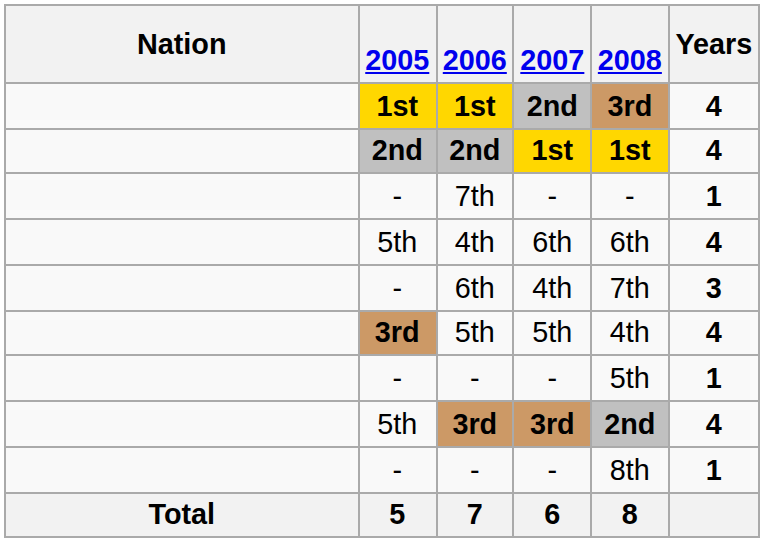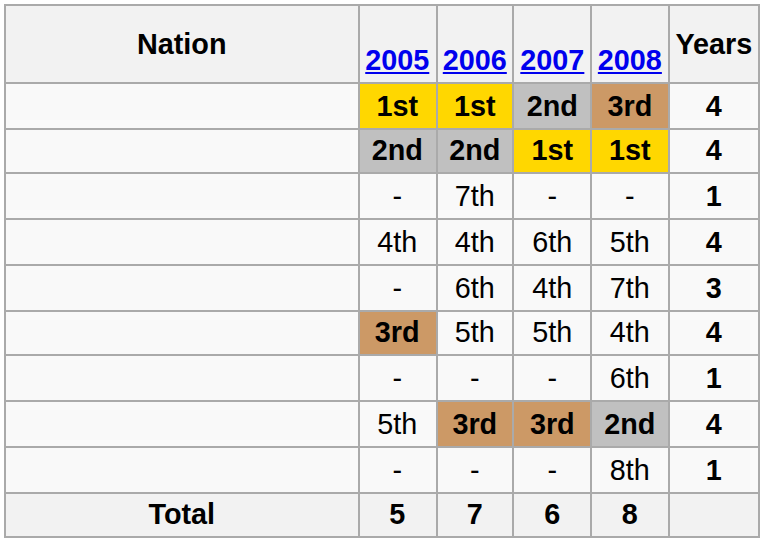 <table class="wikitable" style="text-align:center; font-size:90%">
 <tr>
 <th width=170>Nation</th>
 <th><br><a href='#'>2005</a></th>
 <th><br><a href='#'>2006</a></th>
 <th><br><a href='#'>2007</a></th>
 <th><br><a href='#'>2008</a></th>
 <th>Years</th>
 </tr>
 <tr>
 <td align=left></td>
 <td bgcolor=gold><strong>1st</strong></td>
 <td bgcolor=gold><strong>1st</strong></td>
 <td bgcolor=silver><strong>2nd</strong></td>
 <td bgcolor=#cc9966><strong>3rd</strong></td>
 <td><strong>4</strong></td>
 </tr>
 <tr>
 <td align=left></td>
 <td bgcolor=silver><strong>2nd</strong></td>
 <td bgcolor=silver><strong>2nd</strong></td>
 <td bgcolor=gold><strong>1st</strong></td>
 <td bgcolor=gold><strong>1st</strong></td>
 <td><strong>4</strong></td>
 </tr>
 <tr>
 <td align=left></td>
 <td>-</td>
 <td>7th</td>
 <td>-</td>
 <td>-</td>
 <td><strong>1</strong></td>
 </tr>
 <tr>
 <td align=left></td>
-<td>5th</td>
+<td>4th</td>
 <td>4th</td>
 <td>6th</td>
-<td>6th</td>
+<td>5th</td>
 <td><strong>4</strong></td>
 </tr>
 <tr>
 <td align=left></td>
 <td>-</td>
 <td>6th</td>
 <td>4th</td>
 <td>7th</td>
 <td><strong>3</strong></td>
 </tr>
 <tr>
 <td align=left></td>
 <td bgcolor=#cc9966><strong>3rd</strong></td>
 <td>5th</td>
 <td>5th</td>
 <td>4th</td>
 <td><strong>4</strong></td>
 </tr>
 <tr>
 <td align=left></td>
 <td>-</td>
 <td>-</td>
 <td>-</td>
-<td>5th</td>
+<td>6th</td>
 <td><strong>1</strong></td>
 </tr>
 <tr>
 <td align=left></td>
 <td>5th</td>
 <td bgcolor=#cc9966><strong>3rd</strong></td>
 <td bgcolor=#cc9966><strong>3rd</strong></td>
 <td bgcolor=silver><strong>2nd</strong></td>
 <td><strong>4</strong></td>
 </tr>
 <tr>
 <td align=left></td>
 <td>-</td>
 <td>-</td>
 <td>-</td>
 <td>8th</td>
 <td><strong>1</strong></td>
 </tr>
 <tr>
 <th>Total</th>
 <th>5</th>
 <th>7</th>
 <th>6</th>
 <th>8</th>
 <th></th>
 </tr>
 </table>
